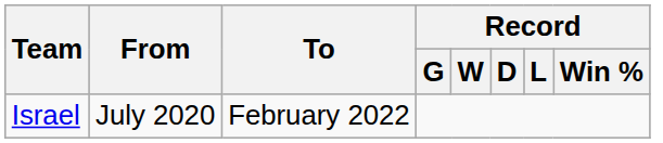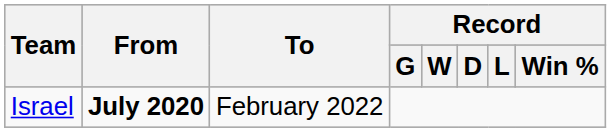 <table class="wikitable" style="text-align: center">
 <tr>
 <th rowspan="2">Team</th>
 <th rowspan="2">From</th>
 <th rowspan="2">To</th>
 <th colspan="5">Record</th>
 </tr>
 <tr>
 <th>G</th>
 <th>W</th>
 <th>D</th>
 <th>L</th>
 <th>Win %</th>
 </tr>
 <tr>
 <td align=left><a href='#'>Israel</a></td>
-<td align=left>July 2020</td>
+<td align=left><strong>July 2020</strong></td>
 <td align=left>February 2022<br></td>
 </tr>
 </table>
